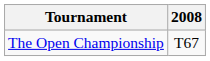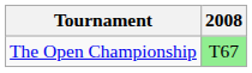 <table class="wikitable" style="font-size:95%;text-align:center;">
 <tr>
 <th>Tournament</th>
 <th>2008</th>
 </tr>
 <tr>
 <td align=left><a href='#'>The Open Championship</a></td>
-<td>T67</td>
+<td style="background: lightgreen;">T67</td>
 </tr>
 </table>
